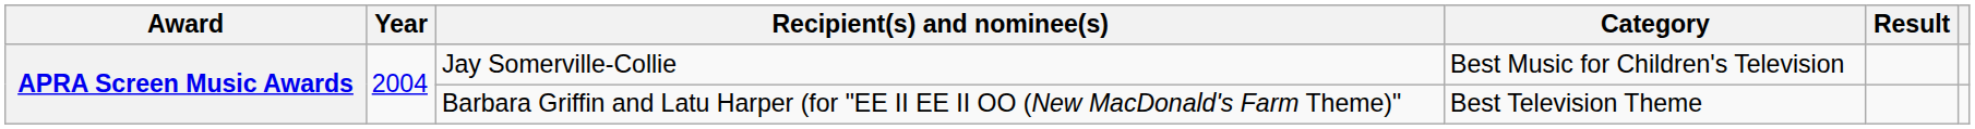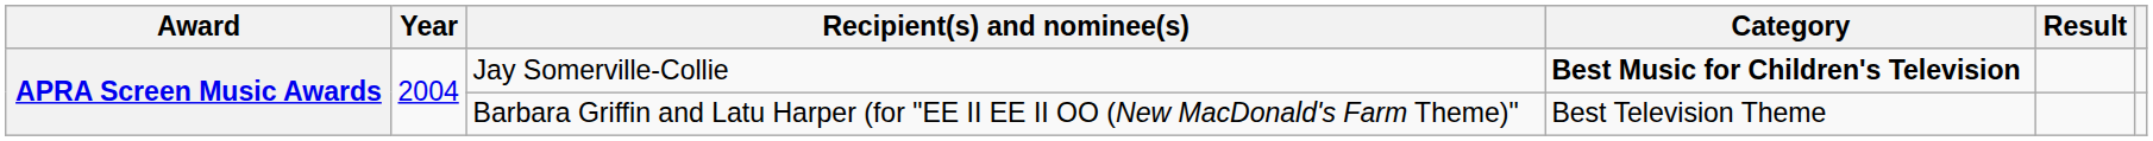 <table class="wikitable plainrowheaders sortable" style="width:99%;">
 <tr style="background:#ccc; text-align:center;">
 <th scope="col">Award</th>
 <th scope="col">Year</th>
 <th scope="col">Recipient(s) and nominee(s)</th>
 <th scope="col">Category</th>
 <th scope="col">Result</th>
 <th scope="col" class="unsortable"></th>
 </tr>
 <tr>
 <th scope="row" rowspan=2><a href='#'>APRA Screen Music Awards</a></th>
 <td rowspan=2><a href='#'>2004</a></td>
 <td data-sort-value="Somerville-Collie, Jay">Jay Somerville-Collie</td>
-<td>Best Music for Children's Television</td>
+<td><strong>Best Music for Children's Television</strong></td>
 <td></td>
 <td style="text-align:center;"></td>
 </tr>
 <tr>
 <td data-sort-value="Griffin, Barbara">Barbara Griffin and Latu Harper (for "EE II EE II OO (<em>New MacDonald's Farm</em> Theme)"</td>
 <td>Best Television Theme</td>
 <td></td>
 <td style="text-align:center;"></td>
 </tr>
 </table>
